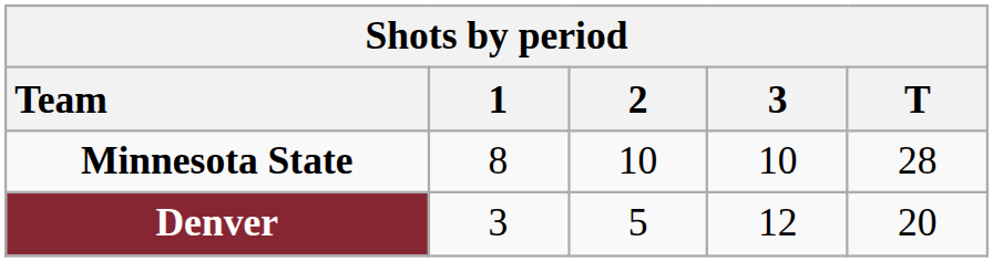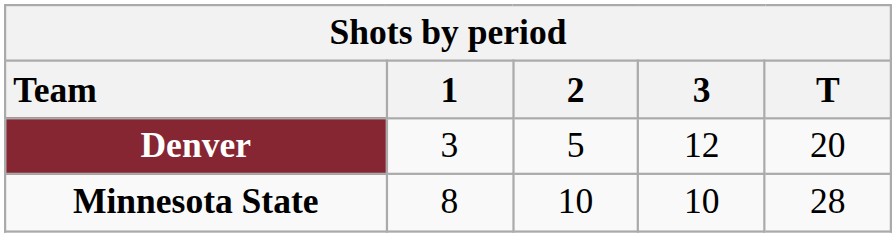 <table class="wikitable" style="width:25em; text-align:right;">
 <tr>
 <th colspan=5>Shots by period</th>
 </tr>
 <tr>
 <th style="width:10em; text-align:left;">Team</th>
 <th style="width:3em;">1</th>
 <th style="width:3em;">2</th>
 <th style="width:3em;">3</th>
 <th style="width:3em;">T</th>
 </tr>
 <tr>
+<td align=center style="color:white; background:#862633; "><strong>Denver</strong></td>
+<td align=center>3</td>
+<td align=center>5</td>
+<td align=center>12</td>
+<td align=center>20</td>
+</tr>
+<tr>
 <td align=center><strong>Minnesota State</strong></td>
 <td align=center>8</td>
 <td align=center>10</td>
 <td align=center>10</td>
 <td align=center>28</td>
 </tr>
-<tr>
-<td align=center style="color:white; background:#862633; "><strong>Denver</strong></td>
-<td align=center>3</td>
-<td align=center>5</td>
-<td align=center>12</td>
-<td align=center>20</td>
-</tr>
 </table>
